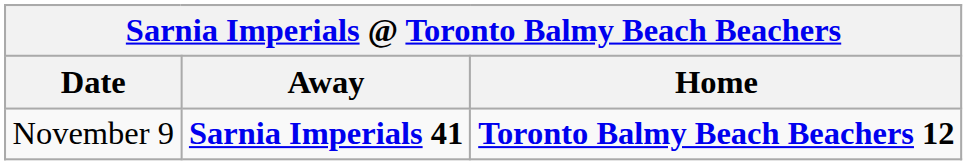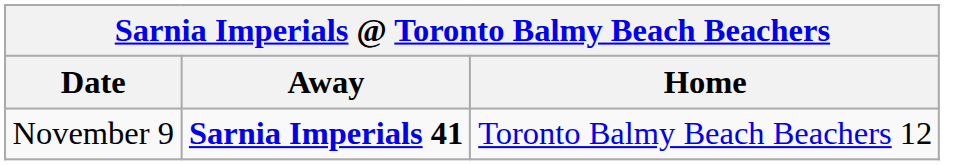 <table class="wikitable">
 <tr>
 <th colspan=4><a href='#'>Sarnia Imperials</a> @ <a href='#'>Toronto Balmy Beach Beachers</a></th>
 </tr>
 <tr>
 <th>Date</th>
 <th>Away</th>
 <th>Home</th>
 </tr>
 <tr>
 <td>November 9</td>
 <td><strong><a href='#'>Sarnia Imperials</a> 41</strong></td>
-<td><strong><a href='#'>Toronto Balmy Beach Beachers</a> 12</strong></td>
+<td><a href='#'>Toronto Balmy Beach Beachers</a> 12</td>
 </tr>
 </table>
